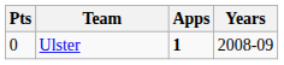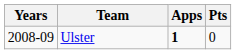 <table class="wikitable" style="text-align:left;">
 <tr>
-<th>Pts</th>
+<th>Years</th>
 <th width=120px>Team</th>
 <th>Apps</th>
-<th>Years</th>
+<th>Pts</th>
 </tr>
 <tr>
-<td>0</td>
+<td>2008-09</td>
 <td><a href='#'>Ulster</a></td>
 <td><strong>1</strong></td>
-<td>2008-09</td>
+<td>0</td>
 </tr>
 </table>
